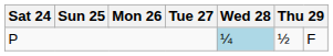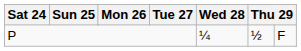 <table class="wikitable olympic-schedule table-tennis">
 <tr>
 <th>Sat 24</th>
 <th colspan=2>Sun 25</th>
 <th>Mon 26</th>
 <th>Tue 27</th>
 <th>Wed 28</th>
 <th colspan=2>Thu 29</th>
 </tr>
 <tr>
 <td colspan=5 class="prelims">P</td>
-<td class="quarterfinals" style="background: lightblue;">¼</td>
+<td class="quarterfinals">¼</td>
 <td class="semifinals">½</td>
 <td class="final">F</td>
 </tr>
 </table>
